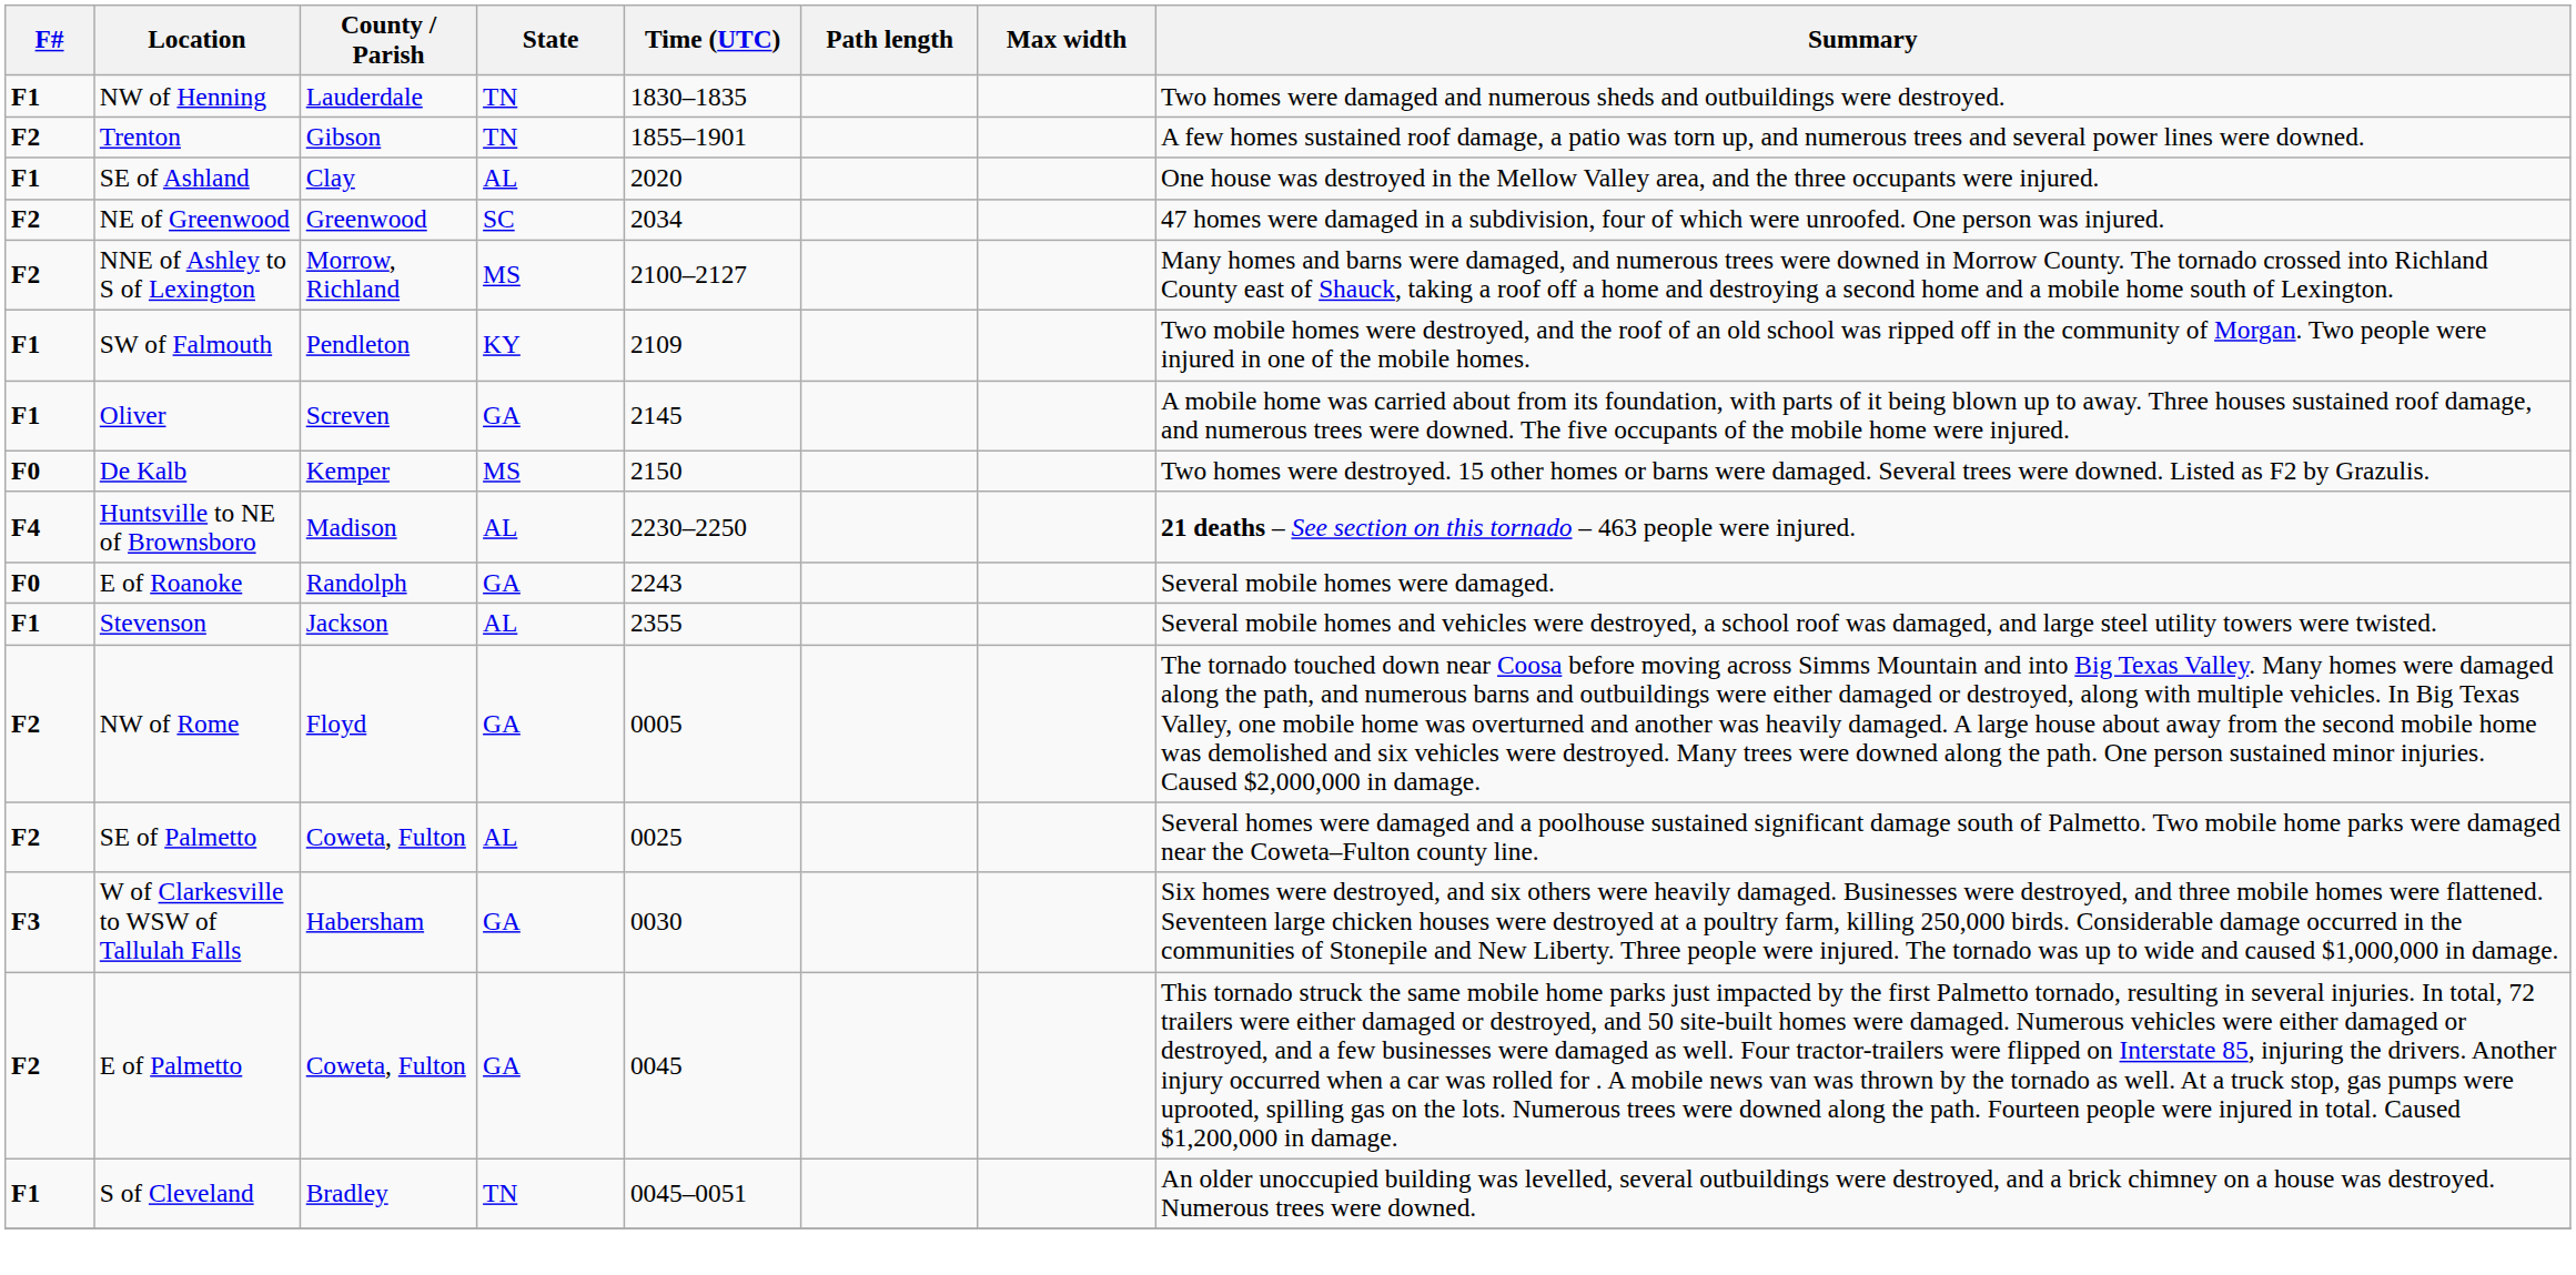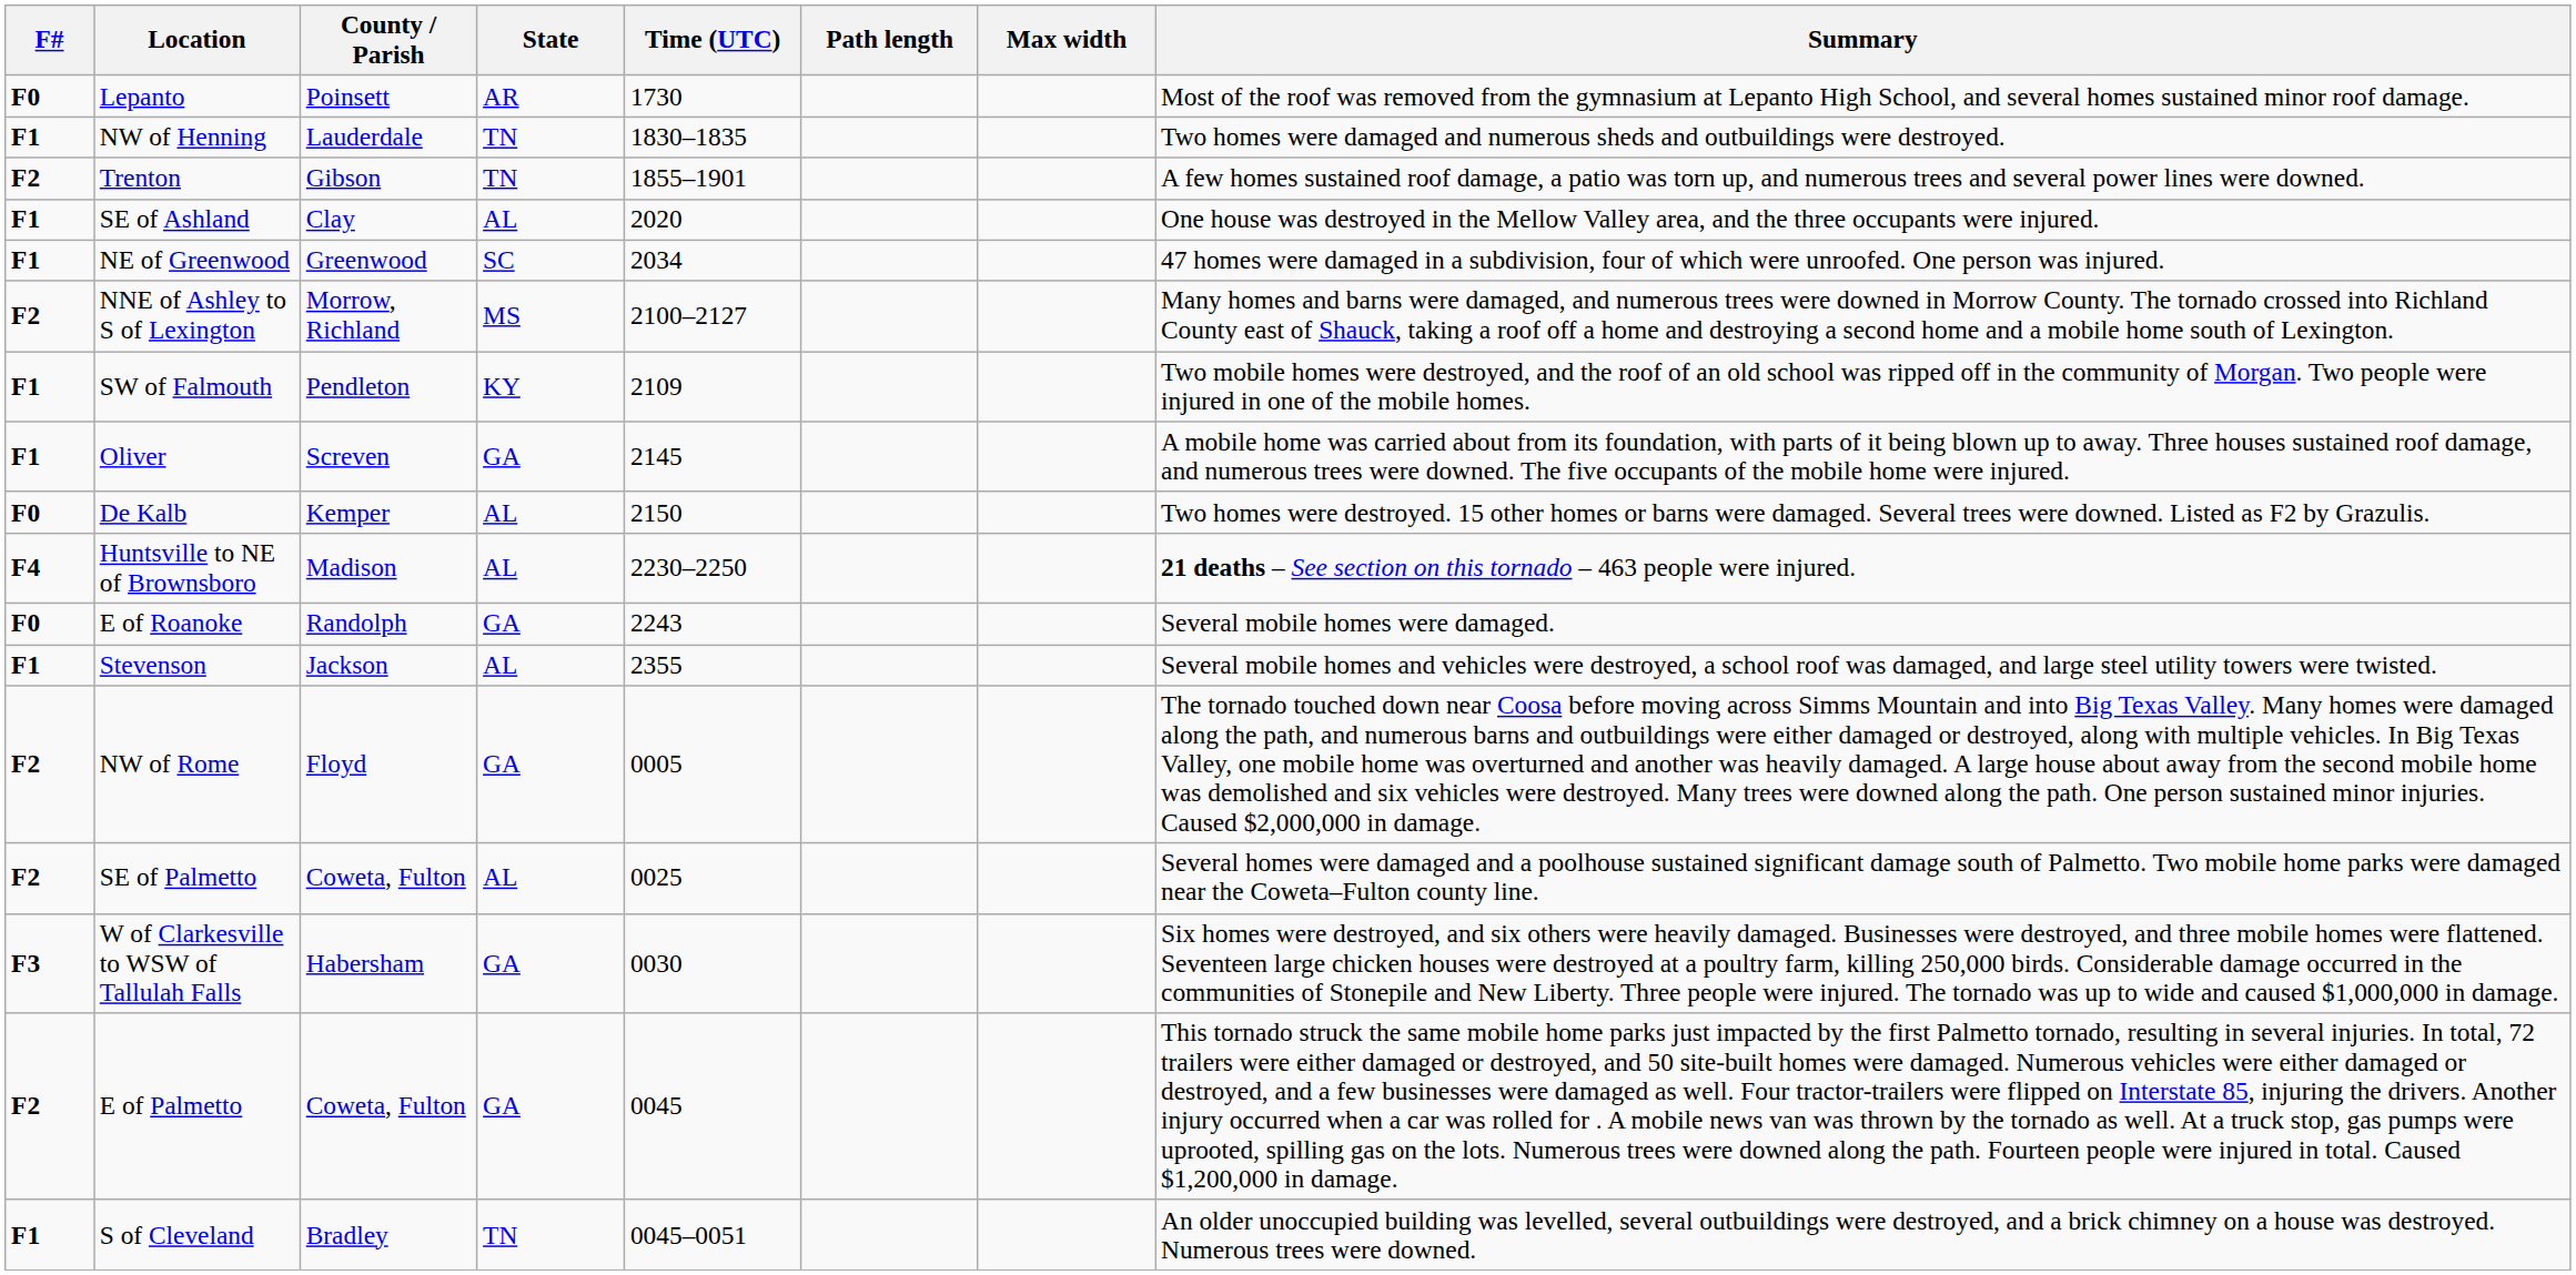 <table class="wikitable sortable" style="width:100%;">
 <tr>
 <th scope="col" width="3%" align="center"><a href='#'>F#</a></th>
 <th scope="col" width="7%" align="center" class="unsortable">Location</th>
 <th scope="col" width="6%" align="center" class="unsortable">County / Parish</th>
 <th scope="col" width="5%" align="center">State</th>
 <th scope="col" width="6%" align="center">Time (<a href='#'>UTC</a>)</th>
 <th scope="col" width="6%" align="center">Path length</th>
 <th scope="col" width="6%" align="center">Max width</th>
 <th scope="col" width="48%" class="unsortable" align="center">Summary</th>
+</tr>
+<tr>
+<td><strong>F0</strong></td>
+<td><a href='#'>Lepanto</a></td>
+<td><a href='#'>Poinsett</a></td>
+<td><a href='#'>AR</a></td>
+<td>1730</td>
+<td></td>
+<td></td>
+<td>Most of the roof was removed from the gymnasium at Lepanto High School, and several homes sustained minor roof damage.</td>
 </tr>
 <tr>
 <td><strong>F1</strong></td>
 <td>NW of <a href='#'>Henning</a></td>
 <td><a href='#'>Lauderdale</a></td>
 <td><a href='#'>TN</a></td>
 <td>1830–1835</td>
 <td></td>
 <td></td>
 <td>Two homes were damaged and numerous sheds and outbuildings were destroyed.</td>
 </tr>
 <tr>
 <td><strong>F2</strong></td>
 <td><a href='#'>Trenton</a></td>
 <td><a href='#'>Gibson</a></td>
 <td><a href='#'>TN</a></td>
 <td>1855–1901</td>
 <td></td>
 <td></td>
 <td>A few homes sustained roof damage, a patio was torn up, and numerous trees and several power lines were downed.</td>
 </tr>
 <tr>
 <td><strong>F1</strong></td>
 <td>SE of <a href='#'>Ashland</a></td>
 <td><a href='#'>Clay</a></td>
 <td><a href='#'>AL</a></td>
 <td>2020</td>
 <td></td>
 <td></td>
 <td>One house was destroyed in the Mellow Valley area, and the three occupants were injured.</td>
 </tr>
 <tr>
-<td><strong>F2</strong></td>
+<td><strong>F1</strong></td>
 <td>NE of <a href='#'>Greenwood</a></td>
 <td><a href='#'>Greenwood</a></td>
 <td><a href='#'>SC</a></td>
 <td>2034</td>
 <td></td>
 <td></td>
 <td>47 homes were damaged in a subdivision, four of which were unroofed. One person was injured.</td>
 </tr>
 <tr>
 <td><strong>F2</strong></td>
 <td>NNE of <a href='#'>Ashley</a> to S of <a href='#'>Lexington</a></td>
 <td><a href='#'>Morrow</a>, <a href='#'>Richland</a></td>
 <td><a href='#'>MS</a></td>
 <td>2100–2127</td>
 <td></td>
 <td></td>
 <td>Many homes and barns were damaged, and numerous trees were downed in Morrow County. The tornado crossed into Richland County east of <a href='#'>Shauck</a>, taking a roof off a home and destroying a second home and a mobile home south of Lexington.</td>
 </tr>
 <tr>
 <td><strong>F1</strong></td>
 <td>SW of <a href='#'>Falmouth</a></td>
 <td><a href='#'>Pendleton</a></td>
 <td><a href='#'>KY</a></td>
 <td>2109</td>
 <td></td>
 <td></td>
 <td>Two mobile homes were destroyed, and the roof of an old school was ripped off in the community of <a href='#'>Morgan</a>. Two people were injured in one of the mobile homes.</td>
 </tr>
 <tr>
 <td><strong>F1</strong></td>
 <td><a href='#'>Oliver</a></td>
 <td><a href='#'>Screven</a></td>
 <td><a href='#'>GA</a></td>
 <td>2145</td>
 <td></td>
 <td></td>
 <td>A mobile home was carried about  from its foundation, with parts of it being blown up to  away. Three houses sustained roof damage, and numerous trees were downed. The five occupants of the mobile home were injured.</td>
 </tr>
 <tr>
 <td><strong>F0</strong></td>
 <td><a href='#'>De Kalb</a></td>
 <td><a href='#'>Kemper</a></td>
-<td><a href='#'>MS</a></td>
+<td><a href='#'>AL</a></td>
 <td>2150</td>
 <td></td>
 <td></td>
 <td>Two homes were destroyed. 15 other homes or barns were damaged. Several trees were downed. Listed as F2 by Grazulis.</td>
 </tr>
 <tr>
 <td><strong>F4</strong></td>
 <td><a href='#'>Huntsville</a> to NE of <a href='#'>Brownsboro</a></td>
 <td><a href='#'>Madison</a></td>
 <td><a href='#'>AL</a></td>
 <td>2230–2250</td>
 <td></td>
 <td></td>
 <td><strong>21 deaths</strong> – <em><a href='#'>See section on this tornado</a></em> – 463 people were injured.</td>
 </tr>
 <tr>
 <td><strong>F0</strong></td>
 <td>E of <a href='#'>Roanoke</a></td>
 <td><a href='#'>Randolph</a></td>
 <td><a href='#'>GA</a></td>
 <td>2243</td>
 <td></td>
 <td></td>
 <td>Several mobile homes were damaged.</td>
 </tr>
 <tr>
 <td><strong>F1</strong></td>
 <td><a href='#'>Stevenson</a></td>
 <td><a href='#'>Jackson</a></td>
 <td><a href='#'>AL</a></td>
 <td>2355</td>
 <td></td>
 <td></td>
 <td>Several mobile homes and vehicles were destroyed, a school roof was damaged, and large steel utility towers were twisted.</td>
 </tr>
 <tr>
 <td><strong>F2</strong></td>
 <td>NW of <a href='#'>Rome</a></td>
 <td><a href='#'>Floyd</a></td>
 <td><a href='#'>GA</a></td>
 <td>0005</td>
 <td></td>
 <td></td>
 <td>The tornado touched down near <a href='#'>Coosa</a> before moving across Simms Mountain and into <a href='#'>Big Texas Valley</a>. Many homes were damaged along the path, and numerous barns and outbuildings were either damaged or destroyed, along with multiple vehicles. In Big Texas Valley, one mobile home was overturned and another was heavily damaged. A large house about  away from the second mobile home was demolished and six vehicles were destroyed. Many trees were downed along the path. One person sustained minor injuries. Caused $2,000,000 in damage.</td>
 </tr>
 <tr>
 <td><strong>F2</strong></td>
 <td>SE of <a href='#'>Palmetto</a></td>
 <td><a href='#'>Coweta</a>, <a href='#'>Fulton</a></td>
 <td><a href='#'>AL</a></td>
 <td>0025</td>
 <td></td>
 <td></td>
 <td>Several homes were damaged and a poolhouse sustained significant damage south of Palmetto. Two mobile home parks were damaged near the Coweta–Fulton county line.</td>
 </tr>
 <tr>
 <td><strong>F3</strong></td>
 <td>W of <a href='#'>Clarkesville</a> to WSW of <a href='#'>Tallulah Falls</a></td>
 <td><a href='#'>Habersham</a></td>
 <td><a href='#'>GA</a></td>
 <td>0030</td>
 <td></td>
 <td></td>
 <td>Six homes were destroyed, and six others were heavily damaged. Businesses were destroyed, and three mobile homes were flattened. Seventeen large chicken houses were destroyed at a poultry farm, killing 250,000 birds. Considerable damage occurred in the communities of Stonepile and New Liberty. Three people were injured. The tornado was up to  wide and caused $1,000,000 in damage.</td>
 </tr>
 <tr>
 <td><strong>F2</strong></td>
 <td>E of <a href='#'>Palmetto</a></td>
 <td><a href='#'>Coweta</a>, <a href='#'>Fulton</a></td>
 <td><a href='#'>GA</a></td>
 <td>0045</td>
 <td></td>
 <td></td>
 <td>This tornado struck the same mobile home parks just impacted by the first Palmetto tornado, resulting in several injuries. In total, 72 trailers were either damaged or destroyed, and 50 site-built homes were damaged. Numerous vehicles were either damaged or destroyed, and a few businesses were damaged as well. Four tractor-trailers were flipped on <a href='#'>Interstate 85</a>, injuring the drivers. Another injury occurred when a car was rolled for . A mobile news van was thrown  by the tornado as well. At a truck stop, gas pumps were uprooted, spilling gas on the lots. Numerous trees were downed along the path. Fourteen people were injured in total. Caused $1,200,000 in damage.</td>
 </tr>
 <tr>
 <td><strong>F1</strong></td>
 <td>S of <a href='#'>Cleveland</a></td>
 <td><a href='#'>Bradley</a></td>
 <td><a href='#'>TN</a></td>
 <td>0045–0051</td>
 <td></td>
 <td></td>
 <td>An older unoccupied building was levelled, several outbuildings were destroyed, and a brick chimney on a house was destroyed. Numerous trees were downed.</td>
 </tr>
 <tr>
 </tr>
 </table>
